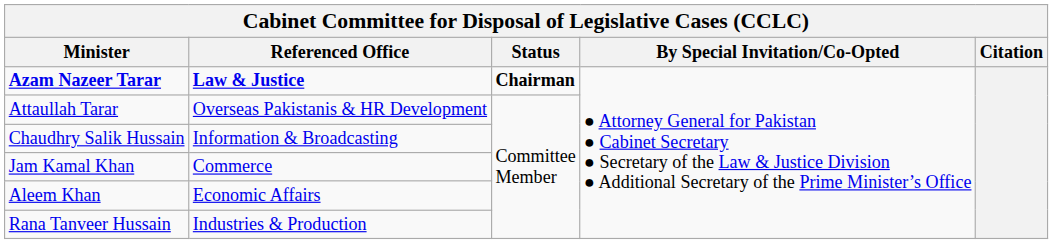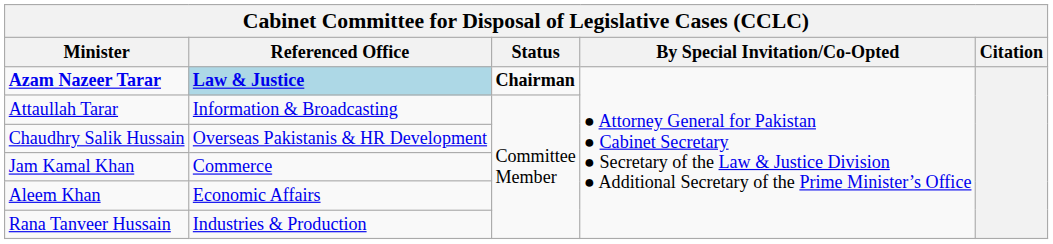 <table class="wikitable sortable mw-collapsible mw-collapsed">
 <tr>
 <th colspan="5"><big>Cabinet Committee for Disposal of Legislative Cases (CCLC)</big></th>
 </tr>
 <tr>
 <th>Minister</th>
 <th>Referenced Office</th>
 <th>Status</th>
 <th>By Special Invitation/Co-Opted</th>
 <th>Citation</th>
 </tr>
 <tr>
 <td><strong><a href='#'>Azam Nazeer Tarar</a></strong></td>
-<td><a href='#'><strong>Law & Justice</strong></a></td>
+<td style="background: lightblue;"><a href='#'><strong>Law & Justice</strong></a></td>
 <td><strong>Chairman</strong></td>
 <td rowspan="6">● <a href='#'>Attorney General for Pakistan</a><br>● <a href='#'>Cabinet Secretary</a><br>● Secretary of the <a href='#'>Law & Justice Division</a><br>● Additional Secretary of the <a href='#'>Prime Minister’s Office</a></td>
 <th rowspan="6"></th>
 </tr>
 <tr>
 <td><a href='#'>Attaullah Tarar</a></td>
-<td><a href='#'>Overseas Pakistanis & HR Development</a></td>
+<td><a href='#'>Information & Broadcasting</a></td>
 <td rowspan="5">Committee<br>Member</td>
 </tr>
 <tr>
 <td><a href='#'>Chaudhry Salik Hussain</a></td>
-<td><a href='#'>Information & Broadcasting</a></td>
+<td><a href='#'>Overseas Pakistanis & HR Development</a></td>
 </tr>
 <tr>
 <td><a href='#'>Jam Kamal Khan</a></td>
 <td><a href='#'>Commerce</a></td>
 </tr>
 <tr>
 <td><a href='#'>Aleem Khan</a></td>
 <td><a href='#'>Economic Affairs</a></td>
 </tr>
 <tr>
 <td><a href='#'>Rana Tanveer Hussain</a></td>
 <td><a href='#'>Industries & Production</a></td>
 </tr>
 </table>
